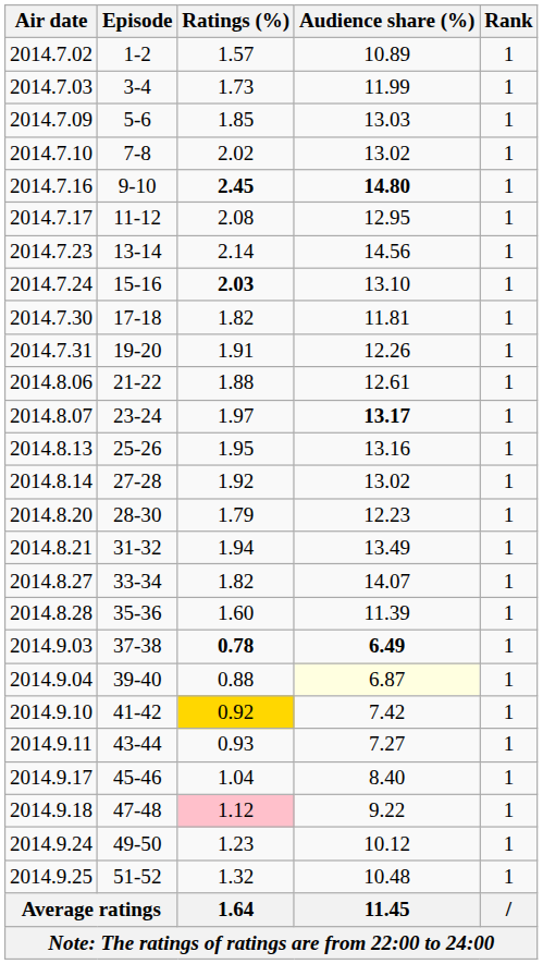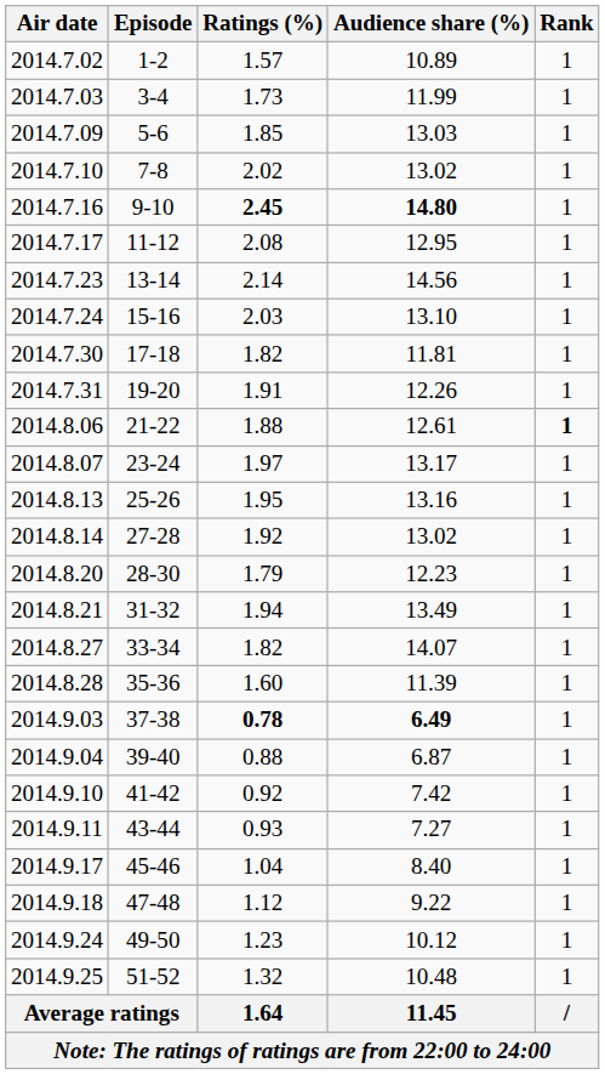 <table class="wikitable sortable mw-collapsible jquery-tablesorter" style="text-align:center">
 <tr>
 <th>Air date</th>
 <th>Episode</th>
 <th>Ratings (%)</th>
 <th>Audience share (%)</th>
 <th>Rank</th>
 </tr>
 <tr>
 <td>2014.7.02</td>
 <td>1-2</td>
 <td>1.57</td>
 <td>10.89</td>
 <td>1</td>
 </tr>
 <tr>
 <td>2014.7.03</td>
 <td>3-4</td>
 <td>1.73</td>
 <td>11.99</td>
 <td>1</td>
 </tr>
 <tr>
 <td>2014.7.09</td>
 <td>5-6</td>
 <td>1.85</td>
 <td>13.03</td>
 <td>1</td>
 </tr>
 <tr>
 <td>2014.7.10</td>
 <td>7-8</td>
 <td>2.02</td>
 <td>13.02</td>
 <td>1</td>
 </tr>
 <tr>
 <td>2014.7.16</td>
 <td>9-10</td>
 <td><strong><span>2.45</span></strong></td>
 <td><strong><span>14.80</span></strong></td>
 <td>1</td>
 </tr>
 <tr>
 <td>2014.7.17</td>
 <td>11-12</td>
 <td>2.08</td>
 <td>12.95</td>
 <td>1</td>
 </tr>
 <tr>
 <td>2014.7.23</td>
 <td>13-14</td>
 <td>2.14</td>
 <td>14.56</td>
 <td>1</td>
 </tr>
 <tr>
 <td>2014.7.24</td>
 <td>15-16</td>
-<td><strong>2.03</strong></td>
+<td>2.03</td>
 <td>13.10</td>
 <td>1</td>
 </tr>
 <tr>
 <td>2014.7.30</td>
 <td>17-18</td>
 <td>1.82</td>
 <td>11.81</td>
 <td>1</td>
 </tr>
 <tr>
 <td>2014.7.31</td>
 <td>19-20</td>
 <td>1.91</td>
 <td>12.26</td>
 <td>1</td>
 </tr>
 <tr>
 <td>2014.8.06</td>
 <td>21-22</td>
 <td>1.88</td>
 <td>12.61</td>
-<td>1</td>
+<td><strong>1</strong></td>
 </tr>
 <tr>
 <td>2014.8.07</td>
 <td>23-24</td>
 <td>1.97</td>
-<td><strong>13.17</strong></td>
+<td>13.17</td>
 <td>1</td>
 </tr>
 <tr>
 <td>2014.8.13</td>
 <td>25-26</td>
 <td>1.95</td>
 <td>13.16</td>
 <td>1</td>
 </tr>
 <tr>
 <td>2014.8.14</td>
 <td>27-28</td>
 <td>1.92</td>
 <td>13.02</td>
 <td>1</td>
 </tr>
 <tr>
 <td>2014.8.20</td>
 <td>28-30</td>
 <td>1.79</td>
 <td>12.23</td>
 <td>1</td>
 </tr>
 <tr>
 <td>2014.8.21</td>
 <td>31-32</td>
 <td>1.94</td>
 <td>13.49</td>
 <td>1</td>
 </tr>
 <tr>
 <td>2014.8.27</td>
 <td>33-34</td>
 <td>1.82</td>
 <td>14.07</td>
 <td>1</td>
 </tr>
 <tr>
 <td>2014.8.28</td>
 <td>35-36</td>
 <td>1.60</td>
 <td>11.39</td>
 <td>1</td>
 </tr>
 <tr>
 <td>2014.9.03</td>
 <td>37-38</td>
 <td><strong><span>0.78</span></strong></td>
 <td><strong><span>6.49</span></strong></td>
 <td>1</td>
 </tr>
 <tr>
 <td>2014.9.04</td>
 <td>39-40</td>
 <td>0.88</td>
-<td style="background: lightyellow;">6.87</td>
+<td>6.87</td>
 <td>1</td>
 </tr>
 <tr>
 <td>2014.9.10</td>
 <td>41-42</td>
-<td style="background: gold;">0.92</td>
+<td>0.92</td>
 <td>7.42</td>
 <td>1</td>
 </tr>
 <tr>
 <td>2014.9.11</td>
 <td>43-44</td>
 <td>0.93</td>
 <td>7.27</td>
 <td>1</td>
 </tr>
 <tr>
 <td>2014.9.17</td>
 <td>45-46</td>
 <td>1.04</td>
 <td>8.40</td>
 <td>1</td>
 </tr>
 <tr>
 <td>2014.9.18</td>
 <td>47-48</td>
-<td style="background: pink;">1.12</td>
+<td>1.12</td>
 <td>9.22</td>
 <td>1</td>
 </tr>
 <tr>
 <td>2014.9.24</td>
 <td>49-50</td>
 <td>1.23</td>
 <td>10.12</td>
 <td>1</td>
 </tr>
 <tr>
 <td>2014.9.25</td>
 <td>51-52</td>
 <td>1.32</td>
 <td>10.48</td>
 <td>1</td>
 </tr>
 <tr>
 <th colspan="2" rowspan="1">Average ratings</th>
 <th colspan="1" rowspan="1">1.64</th>
 <th colspan="1" rowspan="1">11.45</th>
 <th colspan="1" rowspan="1">/</th>
 </tr>
 <tr>
 <th colspan="5" rowspan="1"><em>Note: The ratings of ratings are from 22:00 to 24:00</em></th>
 </tr>
 </table>
